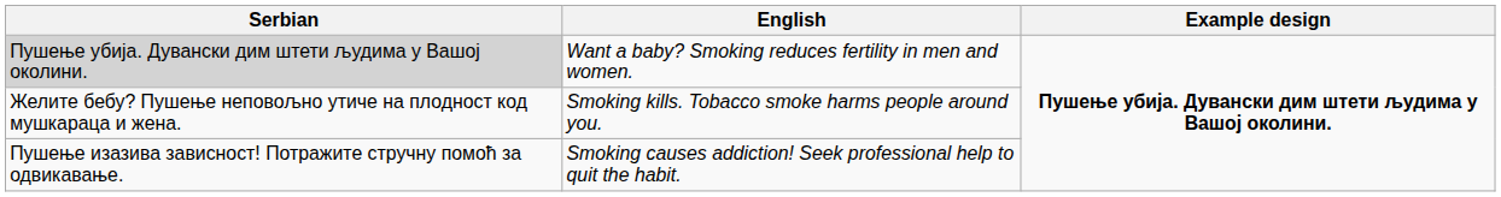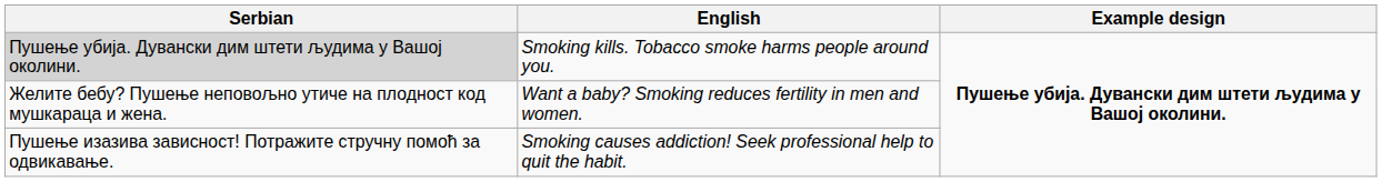 <table class="wikitable">
 <tr>
 <th>Serbian</th>
 <th>English</th>
 <th>Example design</th>
 </tr>
 <tr>
 <td style="background: lightgrey;">Пушење убија. Дувански дим штети људима у Вашој околини.</td>
-<td><em>Want a baby? Smoking reduces fertility in men and women.</em></td>
+<td><em>Smoking kills. Tobacco smoke harms people around you.</em></td>
 <td rowspan="3" style="text-align:center;"><div><strong>Пушење убија. Дувански дим штети људима у Вашој околини.</strong></div></td>
 </tr>
 <tr>
 <td>Желите бебу? Пушење неповољно утиче на плодност код мушкараца и жена.</td>
-<td><em>Smoking kills. Tobacco smoke harms people around you.</em></td>
+<td><em>Want a baby? Smoking reduces fertility in men and women.</em></td>
 </tr>
 <tr>
 <td>Пушење изазива зависност! Потражите стручну помоћ за одвикавање.</td>
 <td><em>Smoking causes addiction! Seek professional help to quit the habit.</em></td>
 </tr>
 </table>
